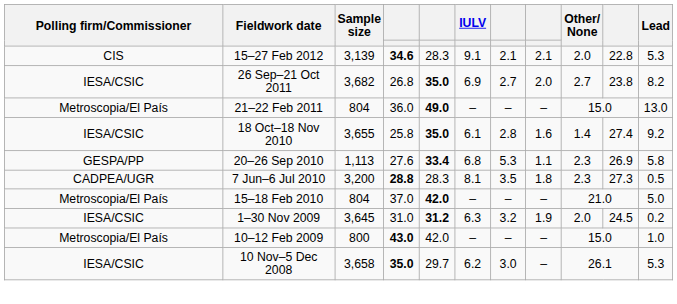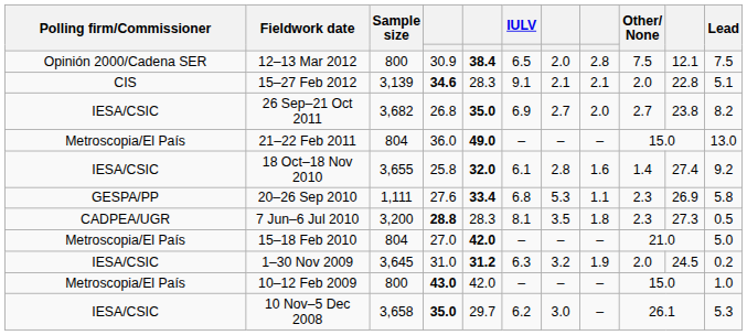 <table class="wikitable collapsible collapsed" style="text-align:center; font-size:90%; line-height:16px;">
 <tr style="height:42px;">
 <th style="width:250px;" rowspan="2">Polling firm/Commissioner</th>
 <th style="width:125px;" rowspan="2">Fieldwork date</th>
 <th style="width:50px;" rowspan="2">Sample size</th>
 <th style="width:35px;"></th>
 <th style="width:35px;"></th>
 <th style="width:35px;"><a href='#'>IULV</a></th>
 <th style="width:35px;"></th>
 <th style="width:35px;"></th>
 <th style="width:35px;" rowspan="2">Other/<br>None</th>
 <th style="width:35px;" rowspan="2"></th>
 <th style="width:30px;" rowspan="2">Lead</th>
 </tr>
 <tr>
 <th style="color:inherit;background:"></th>
 <th style="color:inherit;background:"></th>
 <th style="color:inherit;background:"></th>
 <th style="color:inherit;background:"></th>
 <th style="color:inherit;background:"></th>
 </tr>
 <tr>
+<td>Opinión 2000/Cadena SER</td>
+<td>12–13 Mar 2012</td>
+<td>800</td>
+<td>30.9</td>
+<td><strong>38.4</strong></td>
+<td>6.5</td>
+<td>2.0</td>
+<td>2.8</td>
+<td>7.5</td>
+<td>12.1</td>
+<td style="background:">7.5</td>
+</tr>
+<tr>
 <td>CIS</td>
 <td>15–27 Feb 2012</td>
 <td>3,139</td>
 <td><strong>34.6</strong></td>
 <td>28.3</td>
 <td>9.1</td>
 <td>2.1</td>
 <td>2.1</td>
 <td>2.0</td>
 <td>22.8</td>
-<td style="background:">5.3</td>
+<td style="background:">5.1</td>
 </tr>
 <tr>
 <td>IESA/CSIC</td>
 <td>26 Sep–21 Oct 2011</td>
 <td>3,682</td>
 <td>26.8</td>
 <td><strong>35.0</strong></td>
 <td>6.9</td>
 <td>2.7</td>
 <td>2.0</td>
 <td>2.7</td>
 <td>23.8</td>
 <td style="background:">8.2</td>
 </tr>
 <tr>
 <td>Metroscopia/El País</td>
 <td>21–22 Feb 2011</td>
 <td>804</td>
 <td>36.0</td>
 <td><strong>49.0</strong></td>
 <td>–</td>
 <td>–</td>
 <td>–</td>
 <td colspan="2">15.0</td>
 <td style="background:">13.0</td>
 </tr>
 <tr>
 <td>IESA/CSIC</td>
 <td>18 Oct–18 Nov 2010</td>
 <td>3,655</td>
 <td>25.8</td>
-<td><strong>35.0</strong></td>
+<td><strong>32.0</strong></td>
 <td>6.1</td>
 <td>2.8</td>
 <td>1.6</td>
 <td>1.4</td>
 <td>27.4</td>
 <td style="background:">9.2</td>
 </tr>
 <tr>
 <td>GESPA/PP</td>
 <td>20–26 Sep 2010</td>
-<td>1,113</td>
+<td>1,111</td>
 <td>27.6</td>
 <td><strong>33.4</strong></td>
 <td>6.8</td>
 <td>5.3</td>
 <td>1.1</td>
 <td>2.3</td>
 <td>26.9</td>
 <td style="background:">5.8</td>
 </tr>
 <tr>
 <td>CADPEA/UGR</td>
 <td>7 Jun–6 Jul 2010</td>
 <td>3,200</td>
 <td><strong>28.8</strong></td>
 <td>28.3</td>
 <td>8.1</td>
 <td>3.5</td>
 <td>1.8</td>
 <td>2.3</td>
 <td>27.3</td>
 <td style="background:">0.5</td>
 </tr>
 <tr>
 <td>Metroscopia/El País</td>
 <td>15–18 Feb 2010</td>
 <td>804</td>
-<td>37.0</td>
+<td>27.0</td>
 <td><strong>42.0</strong></td>
 <td>–</td>
 <td>–</td>
 <td>–</td>
 <td colspan="2">21.0</td>
 <td style="background:">5.0</td>
 </tr>
 <tr>
 <td>IESA/CSIC</td>
 <td>1–30 Nov 2009</td>
 <td>3,645</td>
 <td>31.0</td>
 <td><strong>31.2</strong></td>
 <td>6.3</td>
 <td>3.2</td>
 <td>1.9</td>
 <td>2.0</td>
 <td>24.5</td>
 <td style="background:">0.2</td>
 </tr>
 <tr>
 <td>Metroscopia/El País</td>
 <td>10–12 Feb 2009</td>
 <td>800</td>
 <td><strong>43.0</strong></td>
 <td>42.0</td>
 <td>–</td>
 <td>–</td>
 <td>–</td>
 <td colspan="2">15.0</td>
 <td style="background:">1.0</td>
 </tr>
 <tr>
 <td>IESA/CSIC</td>
 <td>10 Nov–5 Dec 2008</td>
 <td>3,658</td>
 <td><strong>35.0</strong></td>
 <td>29.7</td>
 <td>6.2</td>
 <td>3.0</td>
 <td>–</td>
 <td colspan="2">26.1</td>
 <td style="background:">5.3</td>
 </tr>
 </table>
